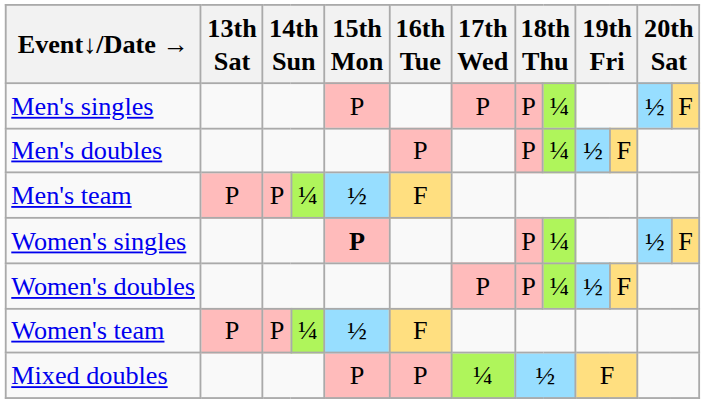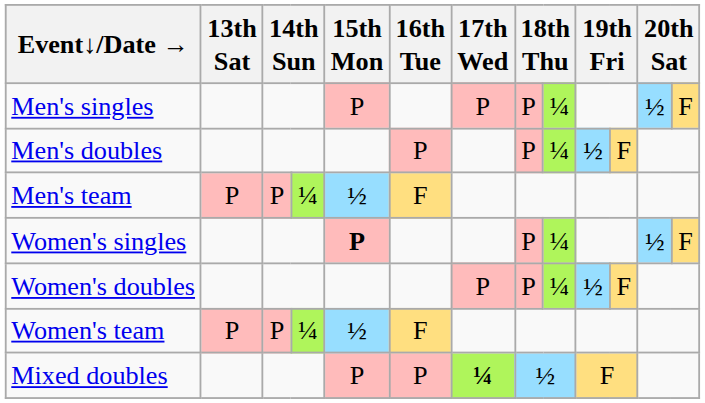 <table class="wikitable" style="margin:0.5em auto; font-size:90%; line-height:1.25em; text-align:center;">
 <tr>
 <th>Event↓/Date →</th>
 <th>13th<br>Sat</th>
 <th colspan=2>14th<br>Sun</th>
 <th>15th<br>Mon</th>
 <th>16th<br>Tue</th>
 <th>17th<br>Wed</th>
 <th colspan=2>18th<br>Thu</th>
 <th colspan=2>19th<br>Fri</th>
 <th colspan=2>20th<br>Sat</th>
 </tr>
 <tr>
 <td align="left"><a href='#'>Men's singles</a></td>
 <td></td>
 <td colspan=2></td>
 <td bgcolor="#FFBBBB">P</td>
 <td></td>
 <td bgcolor="#FFBBBB">P</td>
 <td bgcolor="#FFBBBB">P</td>
 <td bgcolor="#AFF55B">¼</td>
 <td colspan=2></td>
 <td bgcolor="#97DEFF">½</td>
 <td bgcolor="#FFDF80">F</td>
 </tr>
 <tr>
 <td align="left"><a href='#'>Men's doubles</a></td>
 <td></td>
 <td colspan=2></td>
 <td></td>
 <td bgcolor="#FFBBBB">P</td>
 <td></td>
 <td bgcolor="#FFBBBB">P</td>
 <td bgcolor="#AFF55B">¼</td>
 <td bgcolor="#97DEFF">½</td>
 <td bgcolor="#FFDF80">F</td>
 <td colspan=2></td>
 </tr>
 <tr>
 <td align="left"><a href='#'>Men's team</a></td>
 <td bgcolor="#FFBBBB">P</td>
 <td bgcolor="#FFBBBB">P</td>
 <td bgcolor="#AFF55B">¼</td>
 <td bgcolor="#97DEFF">½</td>
 <td bgcolor="#FFDF80">F</td>
 <td></td>
 <td colspan=2></td>
 <td colspan=2></td>
 <td colspan=2></td>
 </tr>
 <tr>
 <td align="left"><a href='#'>Women's singles</a></td>
 <td></td>
 <td colspan=2></td>
 <td bgcolor="#FFBBBB"><strong>P</strong></td>
 <td></td>
 <td></td>
 <td bgcolor="#FFBBBB">P</td>
 <td bgcolor="#AFF55B">¼</td>
 <td colspan=2></td>
 <td bgcolor="#97DEFF">½</td>
 <td bgcolor="#FFDF80">F</td>
 </tr>
 <tr>
 <td align="left"><a href='#'>Women's doubles</a></td>
 <td></td>
 <td colspan=2></td>
 <td></td>
 <td></td>
 <td bgcolor="#FFBBBB">P</td>
 <td bgcolor="#FFBBBB">P</td>
 <td bgcolor="#AFF55B">¼</td>
 <td bgcolor="#97DEFF">½</td>
 <td bgcolor="#FFDF80">F</td>
 <td colspan=2></td>
 </tr>
 <tr>
 <td align="left"><a href='#'>Women's team</a></td>
 <td bgcolor="#FFBBBB">P</td>
 <td bgcolor="#FFBBBB">P</td>
 <td bgcolor="#AFF55B">¼</td>
 <td bgcolor="#97DEFF">½</td>
 <td bgcolor="#FFDF80">F</td>
 <td></td>
 <td colspan=2></td>
 <td colspan=2></td>
 <td colspan=2></td>
 </tr>
 <tr>
 <td align="left"><a href='#'>Mixed doubles</a></td>
 <td></td>
 <td colspan=2></td>
 <td bgcolor="#FFBBBB">P</td>
 <td bgcolor="#FFBBBB">P</td>
-<td bgcolor="#AFF55B">¼</td>
+<td bgcolor="#AFF55B"><strong>¼</strong></td>
 <td colspan=2 bgcolor="#97DEFF">½</td>
 <td colspan=2 bgcolor="#FFDF80">F</td>
 <td colspan=2></td>
 </tr>
 </table>
